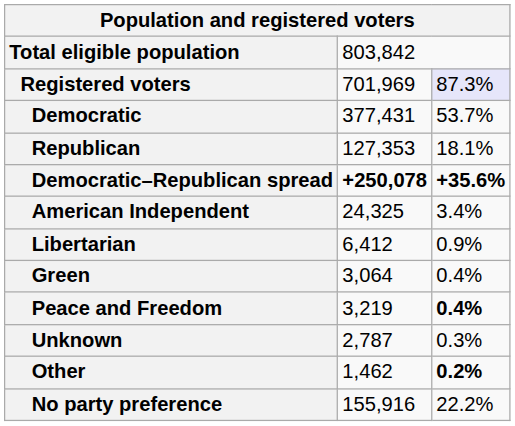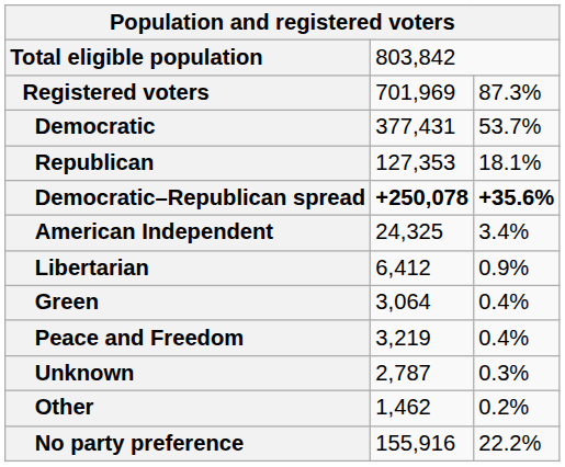 <table class="wikitable collapsible collapsed">
 <tr>
 <th colspan="3">Population and registered voters</th>
 </tr>
 <tr>
 <th scope="row" style="text-align: left;">Total eligible population</th>
 <td colspan="2">803,842</td>
 </tr>
 <tr>
 <th scope="row" style="text-align: left;">  Registered voters</th>
 <td>701,969</td>
-<td style="background: lavender;">87.3%</td>
+<td>87.3%</td>
 </tr>
 <tr>
 <th scope="row" style="text-align: left;">    Democratic</th>
 <td>377,431</td>
 <td>53.7%</td>
 </tr>
 <tr>
 <th scope="row" style="text-align: left;">    Republican</th>
 <td>127,353</td>
 <td>18.1%</td>
 </tr>
 <tr>
 <th scope="row" style="text-align: left;">    Democratic–Republican spread</th>
 <td><span><strong>+250,078</strong></span></td>
 <td><span><strong>+35.6%</strong></span></td>
 </tr>
 <tr>
 <th scope="row" style="text-align: left;">    American Independent</th>
 <td>24,325</td>
 <td>3.4%</td>
 </tr>
 <tr>
 <th scope="row" style="text-align: left;">    Libertarian</th>
 <td>6,412</td>
 <td>0.9%</td>
 </tr>
 <tr>
 <th scope="row" style="text-align: left;">    Green</th>
 <td>3,064</td>
 <td>0.4%</td>
 </tr>
 <tr>
 <th scope="row" style="text-align: left;">    Peace and Freedom</th>
 <td>3,219</td>
-<td><strong>0.4%</strong></td>
+<td>0.4%</td>
 </tr>
 <tr>
 <th scope="row" style="text-align: left;">    Unknown</th>
 <td>2,787</td>
 <td>0.3%</td>
 </tr>
 <tr>
 <th scope="row" style="text-align: left;">    Other</th>
 <td>1,462</td>
-<td><strong>0.2%</strong></td>
+<td>0.2%</td>
 </tr>
 <tr>
 <th scope="row" style="text-align: left;">    No party preference</th>
 <td>155,916</td>
 <td>22.2%</td>
 </tr>
 </table>
